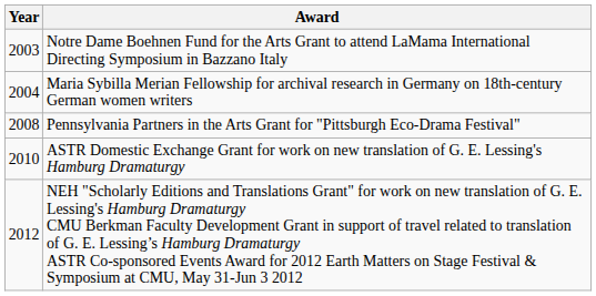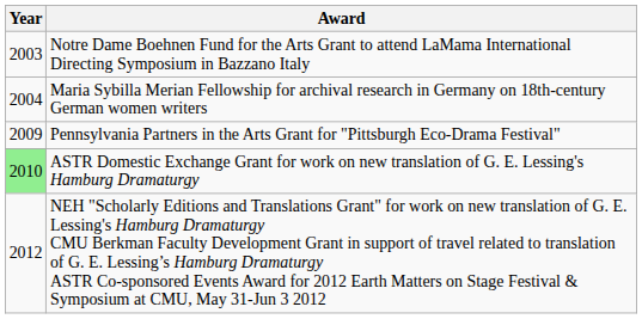 <table class="wikitable">
 <tr>
 <th>Year</th>
 <th>Award</th>
 </tr>
 <tr>
 <td>2003</td>
 <td>Notre Dame Boehnen Fund for the Arts Grant to attend LaMama International Directing Symposium in Bazzano Italy</td>
 </tr>
 <tr>
 <td>2004</td>
 <td>Maria Sybilla Merian Fellowship for archival research in Germany on 18th-century German women writers</td>
 </tr>
 <tr>
-<td>2008</td>
+<td>2009</td>
 <td>Pennsylvania Partners in the Arts Grant for "Pittsburgh Eco-Drama Festival"</td>
 </tr>
 <tr>
-<td>2010</td>
+<td style="background: lightgreen;">2010</td>
 <td>ASTR Domestic Exchange Grant for work on new translation of G. E. Lessing's <em>Hamburg Dramaturgy</em></td>
 </tr>
 <tr>
 <td>2012</td>
 <td>NEH "Scholarly Editions and Translations Grant" for work on new translation of G. E. Lessing's <em>Hamburg Dramaturgy</em><br>CMU Berkman Faculty Development Grant in support of travel related to translation of G. E. Lessing’s <em>Hamburg Dramaturgy</em><br>ASTR Co-sponsored Events Award for 2012 Earth Matters on Stage Festival & Symposium at CMU, May 31-Jun 3 2012</td>
 </tr>
 </table>
